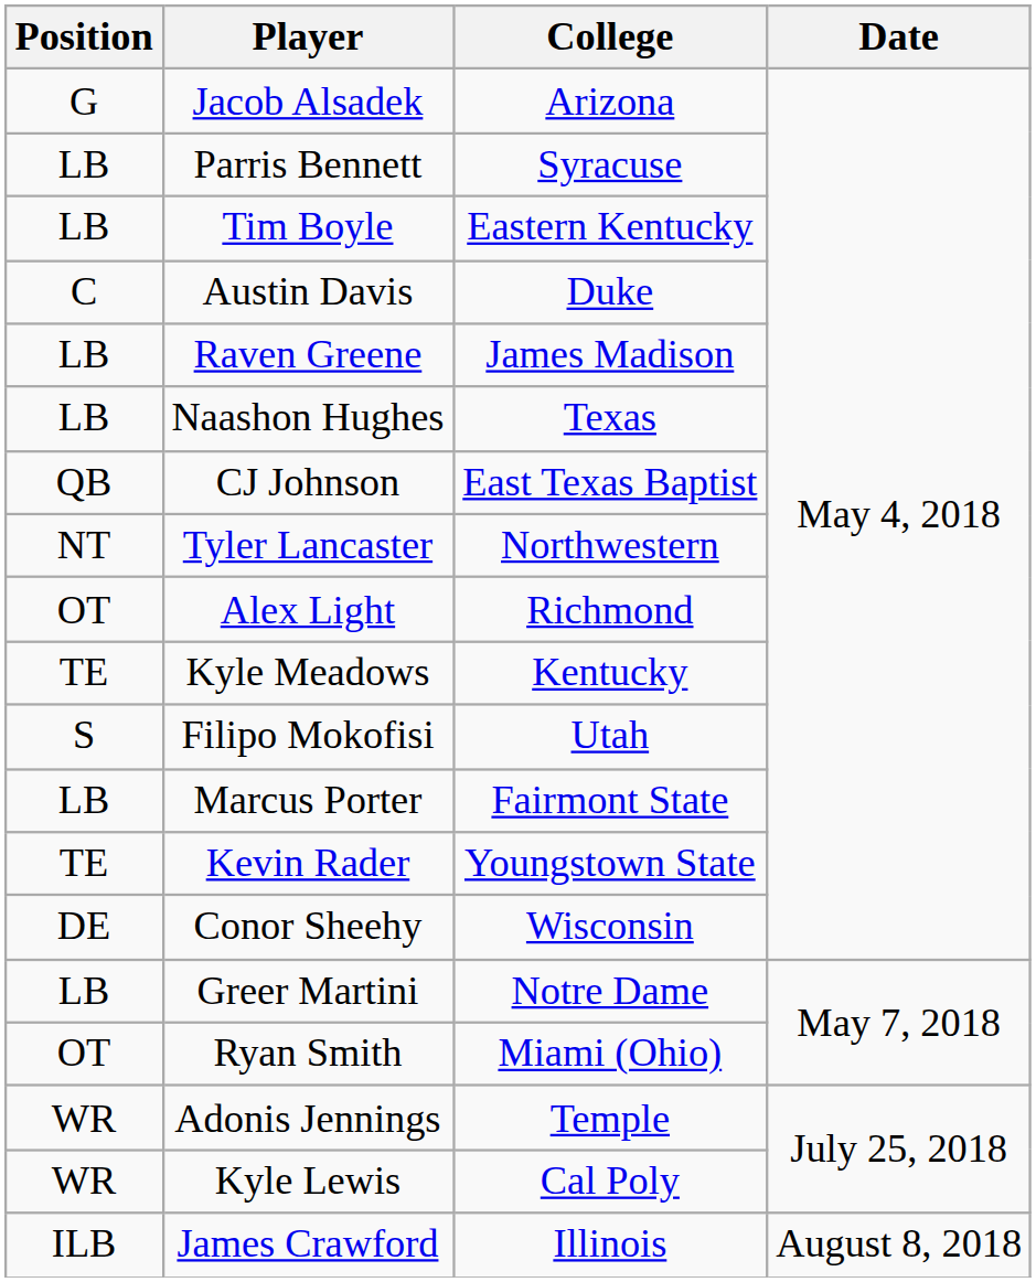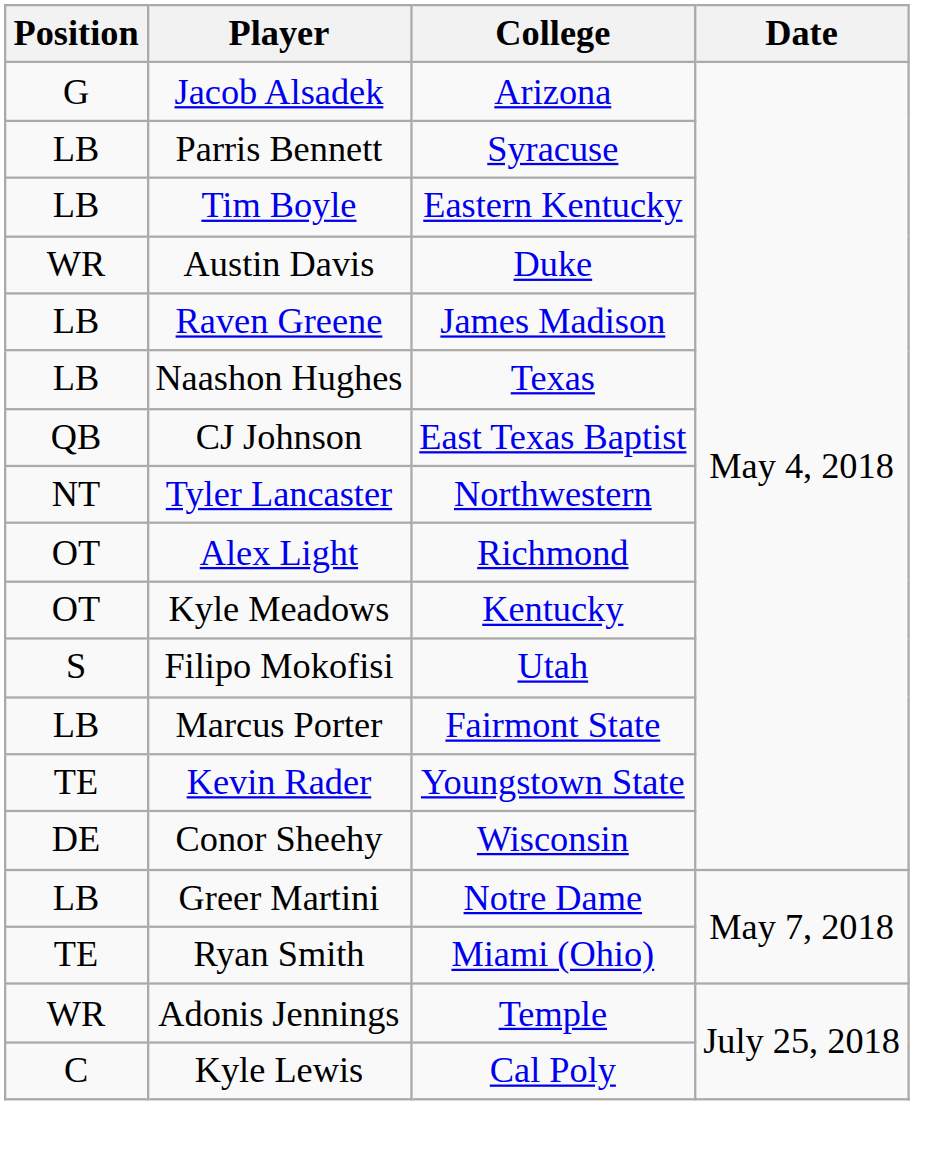 <table class="wikitable" style="text-align:center">
 <tr>
 <th>Position</th>
 <th>Player</th>
 <th>College</th>
 <th>Date</th>
 </tr>
 <tr>
 <td>G</td>
 <td><a href='#'>Jacob Alsadek</a></td>
 <td><a href='#'>Arizona</a></td>
 <td rowspan=14>May 4, 2018</td>
 </tr>
 <tr>
 <td>LB</td>
 <td>Parris Bennett</td>
 <td><a href='#'>Syracuse</a></td>
 </tr>
 <tr>
 <td>LB</td>
 <td><a href='#'>Tim Boyle</a></td>
 <td><a href='#'>Eastern Kentucky</a></td>
 </tr>
 <tr>
-<td>C</td>
+<td>WR</td>
 <td>Austin Davis</td>
 <td><a href='#'>Duke</a></td>
 </tr>
 <tr>
 <td>LB</td>
 <td><a href='#'>Raven Greene</a></td>
 <td><a href='#'>James Madison</a></td>
 </tr>
 <tr>
 <td>LB</td>
 <td>Naashon Hughes</td>
 <td><a href='#'>Texas</a></td>
 </tr>
 <tr>
 <td>QB</td>
 <td>CJ Johnson</td>
 <td><a href='#'>East Texas Baptist</a></td>
 </tr>
 <tr>
 <td>NT</td>
 <td><a href='#'>Tyler Lancaster</a></td>
 <td><a href='#'>Northwestern</a></td>
 </tr>
 <tr>
 <td>OT</td>
 <td><a href='#'>Alex Light</a></td>
 <td><a href='#'>Richmond</a></td>
 </tr>
 <tr>
-<td>TE</td>
+<td>OT</td>
 <td>Kyle Meadows</td>
 <td><a href='#'>Kentucky</a></td>
 </tr>
 <tr>
 <td>S</td>
 <td>Filipo Mokofisi</td>
 <td><a href='#'>Utah</a></td>
 </tr>
 <tr>
 <td>LB</td>
 <td>Marcus Porter</td>
 <td><a href='#'>Fairmont State</a></td>
 </tr>
 <tr>
 <td>TE</td>
 <td><a href='#'>Kevin Rader</a></td>
 <td><a href='#'>Youngstown State</a></td>
 </tr>
 <tr>
 <td>DE</td>
 <td>Conor Sheehy</td>
 <td><a href='#'>Wisconsin</a></td>
 </tr>
 <tr>
 <td>LB</td>
 <td>Greer Martini</td>
 <td><a href='#'>Notre Dame</a></td>
 <td rowspan=2>May 7, 2018</td>
 </tr>
 <tr>
-<td>OT</td>
+<td>TE</td>
 <td>Ryan Smith</td>
 <td><a href='#'>Miami (Ohio)</a></td>
 </tr>
 <tr>
 <td>WR</td>
 <td>Adonis Jennings</td>
 <td><a href='#'>Temple</a></td>
 <td rowspan=2>July 25, 2018</td>
 </tr>
 <tr>
-<td>WR</td>
+<td>C</td>
 <td>Kyle Lewis</td>
 <td><a href='#'>Cal Poly</a></td>
 </tr>
-<tr>
-<td>ILB</td>
-<td><a href='#'>James Crawford</a></td>
-<td><a href='#'>Illinois</a></td>
-<td>August 8, 2018</td>
-</tr>
 </table>
